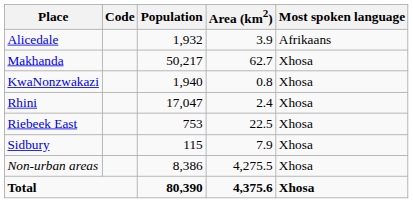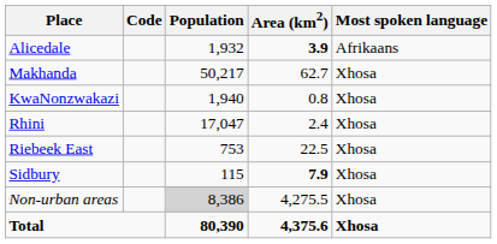 <table class="wikitable sortable">
 <tr>
 <th>Place</th>
 <th>Code</th>
 <th>Population</th>
 <th>Area (km<sup>2</sup>)</th>
 <th>Most spoken language</th>
 </tr>
 <tr>
 <td><a href='#'>Alicedale</a></td>
 <td></td>
 <td align=right>1,932</td>
-<td align=right>3.9</td>
+<td align=right><strong>3.9</strong></td>
 <td>Afrikaans</td>
 </tr>
 <tr>
 <td><a href='#'>Makhanda</a></td>
 <td></td>
 <td align=right>50,217</td>
 <td align=right>62.7</td>
 <td>Xhosa</td>
 </tr>
 <tr>
 <td><a href='#'>KwaNonzwakazi</a></td>
 <td></td>
 <td align=right>1,940</td>
 <td align=right>0.8</td>
 <td>Xhosa</td>
 </tr>
 <tr>
 <td><a href='#'>Rhini</a></td>
 <td></td>
 <td align=right>17,047</td>
 <td align=right>2.4</td>
 <td>Xhosa</td>
 </tr>
 <tr>
 <td><a href='#'>Riebeek East</a></td>
 <td></td>
 <td align=right>753</td>
 <td align=right>22.5</td>
 <td>Xhosa</td>
 </tr>
 <tr>
 <td><a href='#'>Sidbury</a></td>
 <td></td>
 <td align=right>115</td>
-<td align=right>7.9</td>
+<td align=right><strong>7.9</strong></td>
 <td>Xhosa</td>
 </tr>
 <tr>
 <td><em>Non-urban areas</em></td>
 <td></td>
-<td align=right>8,386</td>
+<td align=right style="background: lightgrey;">8,386</td>
 <td align=right>4,275.5</td>
 <td>Xhosa</td>
 </tr>
 <tr>
 <td colspan=2><strong>Total</strong></td>
 <td align=right><strong>80,390</strong></td>
 <td align=right><strong>4,375.6</strong></td>
 <td><strong>Xhosa</strong></td>
 </tr>
 </table>
